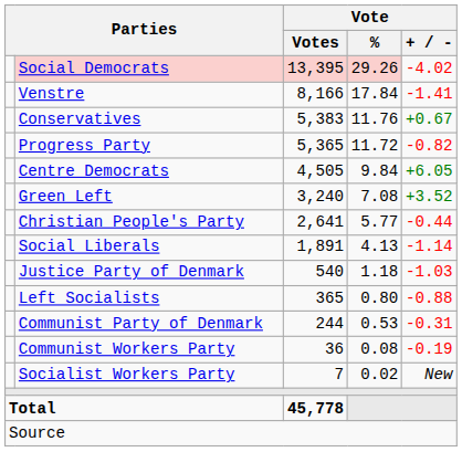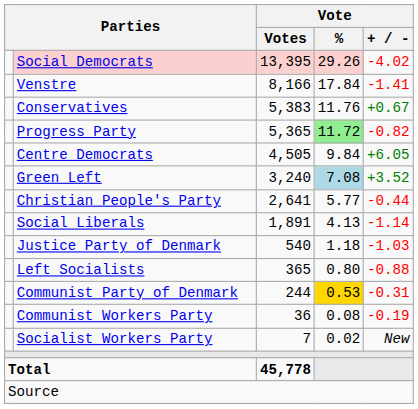 <table class="wikitable" style="text-align:right;">
 <tr>
 <th style="text-align:centre;" rowspan="2" colspan="2" width="225">Parties</th>
 <th colspan="3">Vote</th>
 </tr>
 <tr>
 <th width="15">Votes</th>
 <th width="15">%</th>
 <th width="15">+ / -</th>
 </tr>
 <tr>
 <td width="2" style="color:inherit;background:"></td>
 <td bgcolor=#fbd0ce  align="left"><a href='#'>Social Democrats</a></td>
 <td bgcolor=#fbd0ce>13,395</td>
 <td bgcolor=#fbd0ce>29.26</td>
 <td style=color:red;>-4.02</td>
 </tr>
 <tr>
 <td width="2" style="color:inherit;background:"></td>
 <td align="left"><a href='#'>Venstre</a></td>
 <td>8,166</td>
 <td>17.84</td>
 <td style=color:red;>-1.41</td>
 </tr>
 <tr>
 <td width="2" style="color:inherit;background:"></td>
 <td align="left"><a href='#'>Conservatives</a></td>
 <td>5,383</td>
 <td>11.76</td>
 <td style=color:green;>+0.67</td>
 </tr>
 <tr>
 <td width="2" style="color:inherit;background:"></td>
 <td align="left"><a href='#'>Progress Party</a></td>
 <td>5,365</td>
-<td>11.72</td>
+<td style="background: lightgreen;">11.72</td>
 <td style=color:red;>-0.82</td>
 </tr>
 <tr>
 <td width="2" style="color:inherit;background:"></td>
 <td align="left"><a href='#'>Centre Democrats</a></td>
 <td>4,505</td>
 <td>9.84</td>
 <td style=color:green;>+6.05</td>
 </tr>
 <tr>
 <td width="2" style="color:inherit;background:"></td>
 <td align="left"><a href='#'>Green Left</a></td>
 <td>3,240</td>
-<td>7.08</td>
+<td style="background: lightblue;">7.08</td>
 <td style=color:green;>+3.52</td>
 </tr>
 <tr>
 <td width="2" style="color:inherit;background:"></td>
 <td align="left"><a href='#'>Christian People's Party</a></td>
 <td>2,641</td>
 <td>5.77</td>
 <td style=color:red;>-0.44</td>
 </tr>
 <tr>
 <td width="2" style="color:inherit;background:"></td>
 <td align="left"><a href='#'>Social Liberals</a></td>
 <td>1,891</td>
 <td>4.13</td>
 <td style=color:red;>-1.14</td>
 </tr>
 <tr>
 <td width="2" style="color:inherit;background:"></td>
 <td align="left"><a href='#'>Justice Party of Denmark</a></td>
 <td>540</td>
 <td>1.18</td>
 <td style=color:red;>-1.03</td>
 </tr>
 <tr>
 <td width="2" style="color:inherit;background:"></td>
 <td align="left"><a href='#'>Left Socialists</a></td>
 <td>365</td>
 <td>0.80</td>
 <td style=color:red;>-0.88</td>
 </tr>
 <tr>
 <td width="2" style="color:inherit;background:"></td>
 <td align="left"><a href='#'>Communist Party of Denmark</a></td>
 <td>244</td>
-<td>0.53</td>
+<td style="background: gold;">0.53</td>
 <td style=color:red;>-0.31</td>
 </tr>
 <tr>
 <td width="2" style="color:inherit;background:"></td>
 <td align="left"><a href='#'>Communist Workers Party</a></td>
 <td>36</td>
 <td>0.08</td>
 <td style=color:red;>-0.19</td>
 </tr>
 <tr>
 <td width="2" style="color:inherit;background:"></td>
 <td align="left"><a href='#'>Socialist Workers Party</a></td>
 <td>7</td>
 <td>0.02</td>
 <td><em>New</em></td>
 </tr>
 <tr>
 <td colspan="7" bgcolor="#E9E9E9"></td>
 </tr>
 <tr>
 <td align="left" colspan="2"><strong>Total</strong></td>
 <td><strong>45,778</strong></td>
 <td bgcolor="#E9E9E9" colspan="2"></td>
 </tr>
 <tr>
 <td align="left" colspan="6">Source</td>
 </tr>
 </table>
